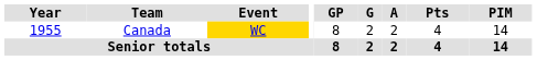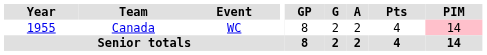 <table border="0" cellpadding="1" cellspacing="0" ID="Table3" style="text-align:center; width:40em">
 <tr bgcolor="#e0e0e0">
 <th>Year</th>
 <th>Team</th>
 <th>Event</th>
 <th rowspan="102" bgcolor="#ffffff"></th>
 <th>GP</th>
 <th>G</th>
 <th>A</th>
 <th>Pts</th>
 <th>PIM</th>
 </tr>
 <tr>
 <td><a href='#'>1955</a></td>
 <td><a href='#'>Canada</a></td>
-<td style="background: gold;"><a href='#'>WC</a></td>
+<td><a href='#'>WC</a></td>
 <td>8</td>
 <td>2</td>
 <td>2</td>
 <td>4</td>
-<td>14</td>
+<td style="background: pink;">14</td>
 </tr>
 <tr bgcolor="#e0e0e0">
 <th colspan="4">Senior totals</th>
 <th>8</th>
 <th>2</th>
 <th>2</th>
 <th>4</th>
 <th>14</th>
 </tr>
 </table>
